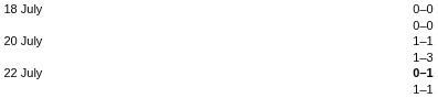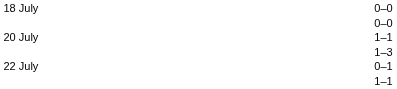 <table cellspacing=1 width=70%>
 <tr>
 <th width=25%></th>
 <th width=30%></th>
 <th width=15%></th>
 <th width=30%></th>
 </tr>
 <tr>
 <td>18 July</td>
 <td align=right></td>
 <td align=center>0–0</td>
 <td></td>
 </tr>
 <tr>
 <td></td>
 <td align=right></td>
 <td align=center>0–0</td>
 <td></td>
 </tr>
 <tr>
 <td>20 July</td>
 <td align=right></td>
 <td align=center>1–1</td>
 <td></td>
 </tr>
 <tr>
 <td></td>
 <td align=right></td>
 <td align=center>1–3</td>
 <td></td>
 </tr>
 <tr>
 <td>22 July</td>
 <td align=right></td>
-<td align=center><strong>0–1</strong></td>
+<td align=center>0–1</td>
 <td></td>
 </tr>
 <tr>
 <td></td>
 <td align=right></td>
 <td align=center>1–1</td>
 <td></td>
 </tr>
 </table>
